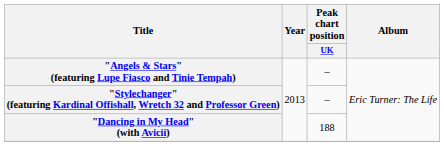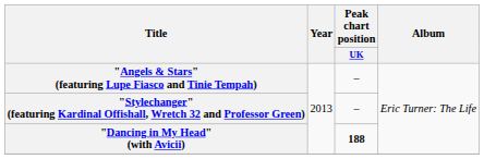 <table class="wikitable plainrowheaders" style="text-align:center;" border="1">
 <tr>
 <th scope="col" rowspan="2">Title</th>
 <th scope="col" rowspan="2">Year</th>
 <th scope="col" colspan="1">Peak chart position</th>
 <th scope="col" rowspan="2">Album</th>
 </tr>
 <tr>
 <th scope="col" style="width:3em;font-size:85%;"><a href='#'>UK</a></th>
 </tr>
 <tr>
 <th scope="row">"<a href='#'>Angels & Stars</a>" <br><span>(featuring <a href='#'>Lupe Fiasco</a> and <a href='#'>Tinie Tempah</a>)</span></th>
 <td rowspan="3">2013</td>
 <td>–</td>
 <td rowspan=3><em>Eric Turner: The Life</em></td>
 </tr>
 <tr>
 <th scope="row">"<a href='#'>Stylechanger</a>" <br><span>(featuring <a href='#'>Kardinal Offishall</a>, <a href='#'>Wretch 32</a> and <a href='#'>Professor Green</a>)</span></th>
 <td>–</td>
 </tr>
 <tr>
 <th scope="row">"<a href='#'>Dancing in My Head</a>" <br><span>(with <a href='#'>Avicii</a>)</span></th>
-<td>188</td>
+<td><strong>188</strong></td>
 </tr>
 <tr>
 </tr>
 </table>
